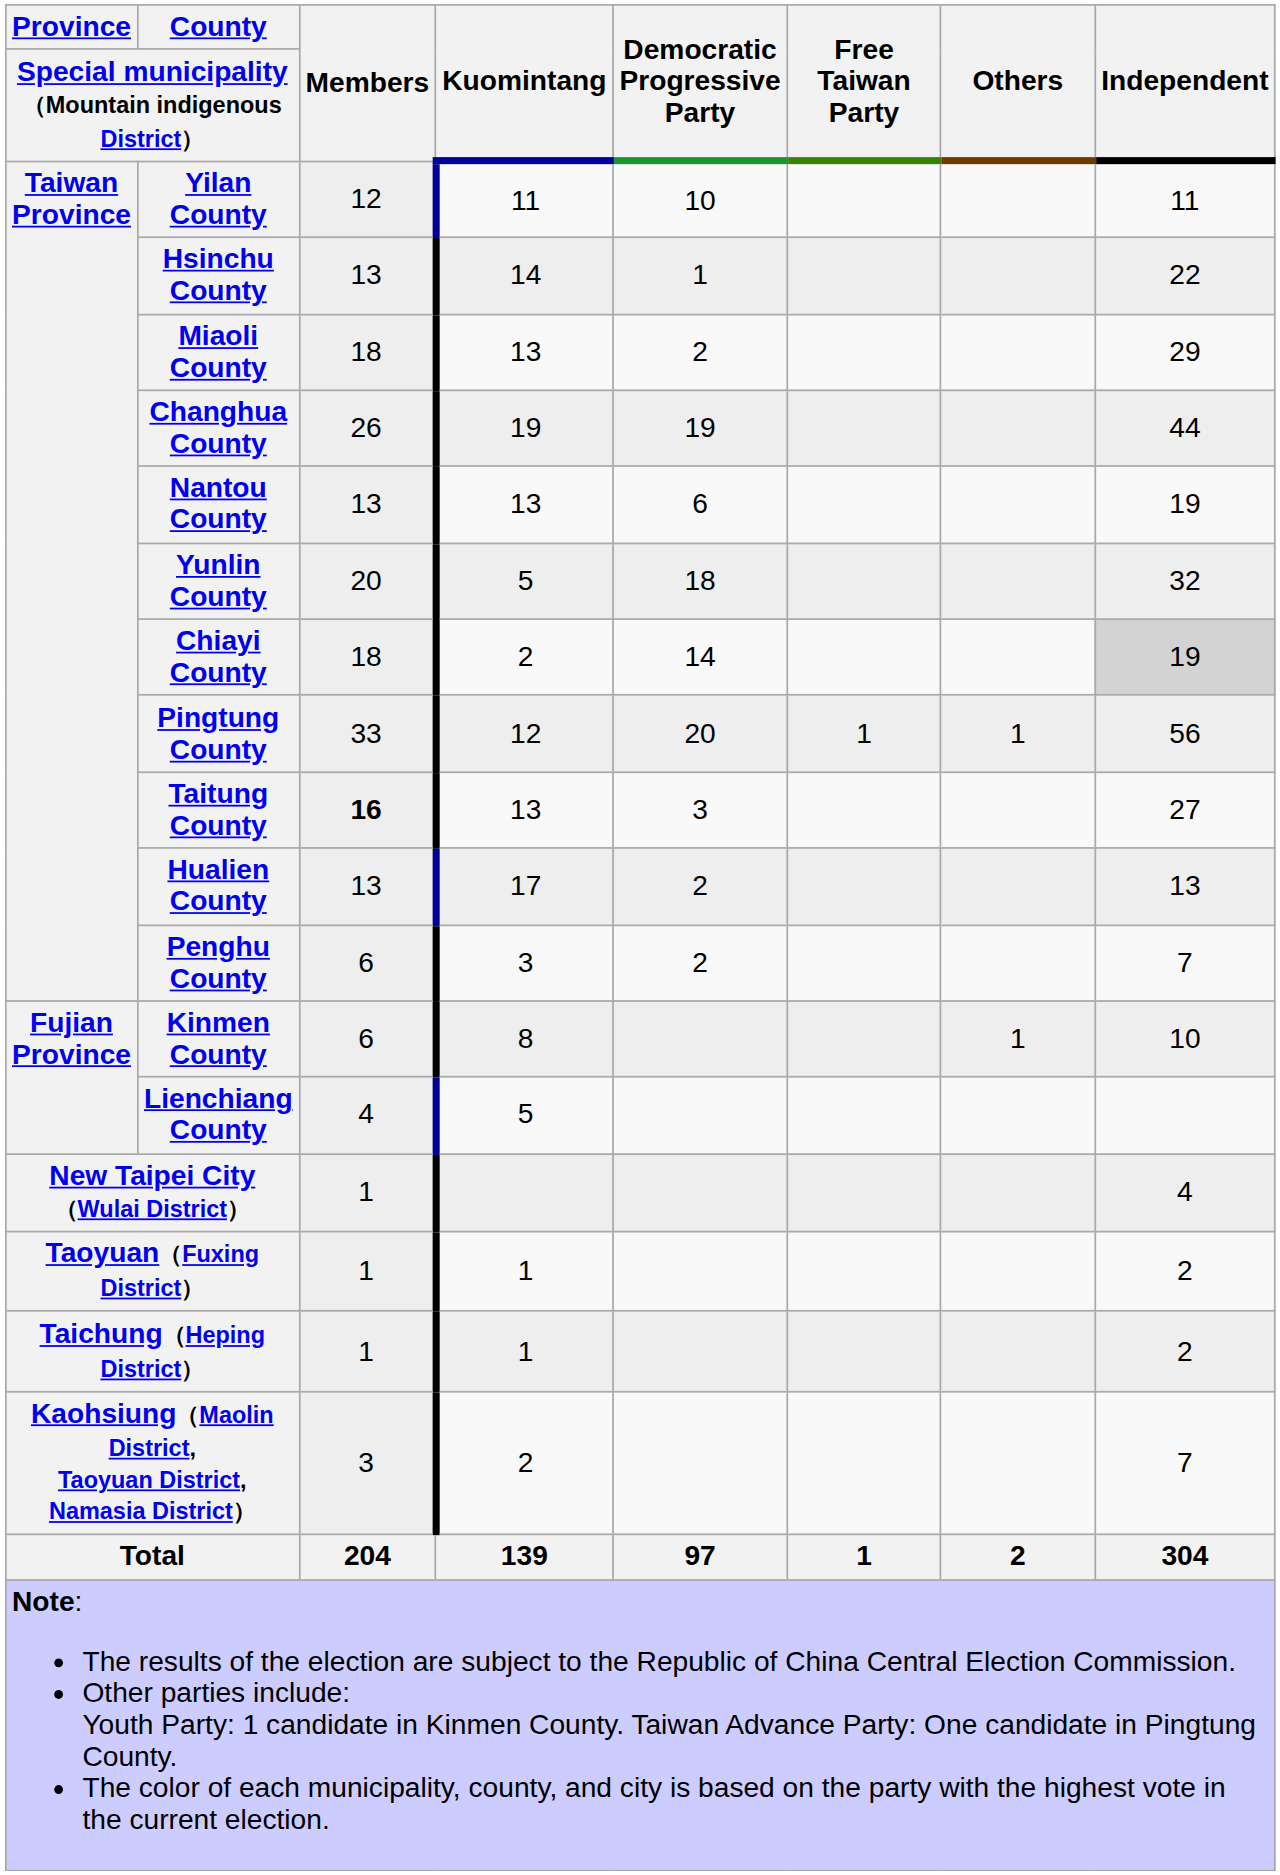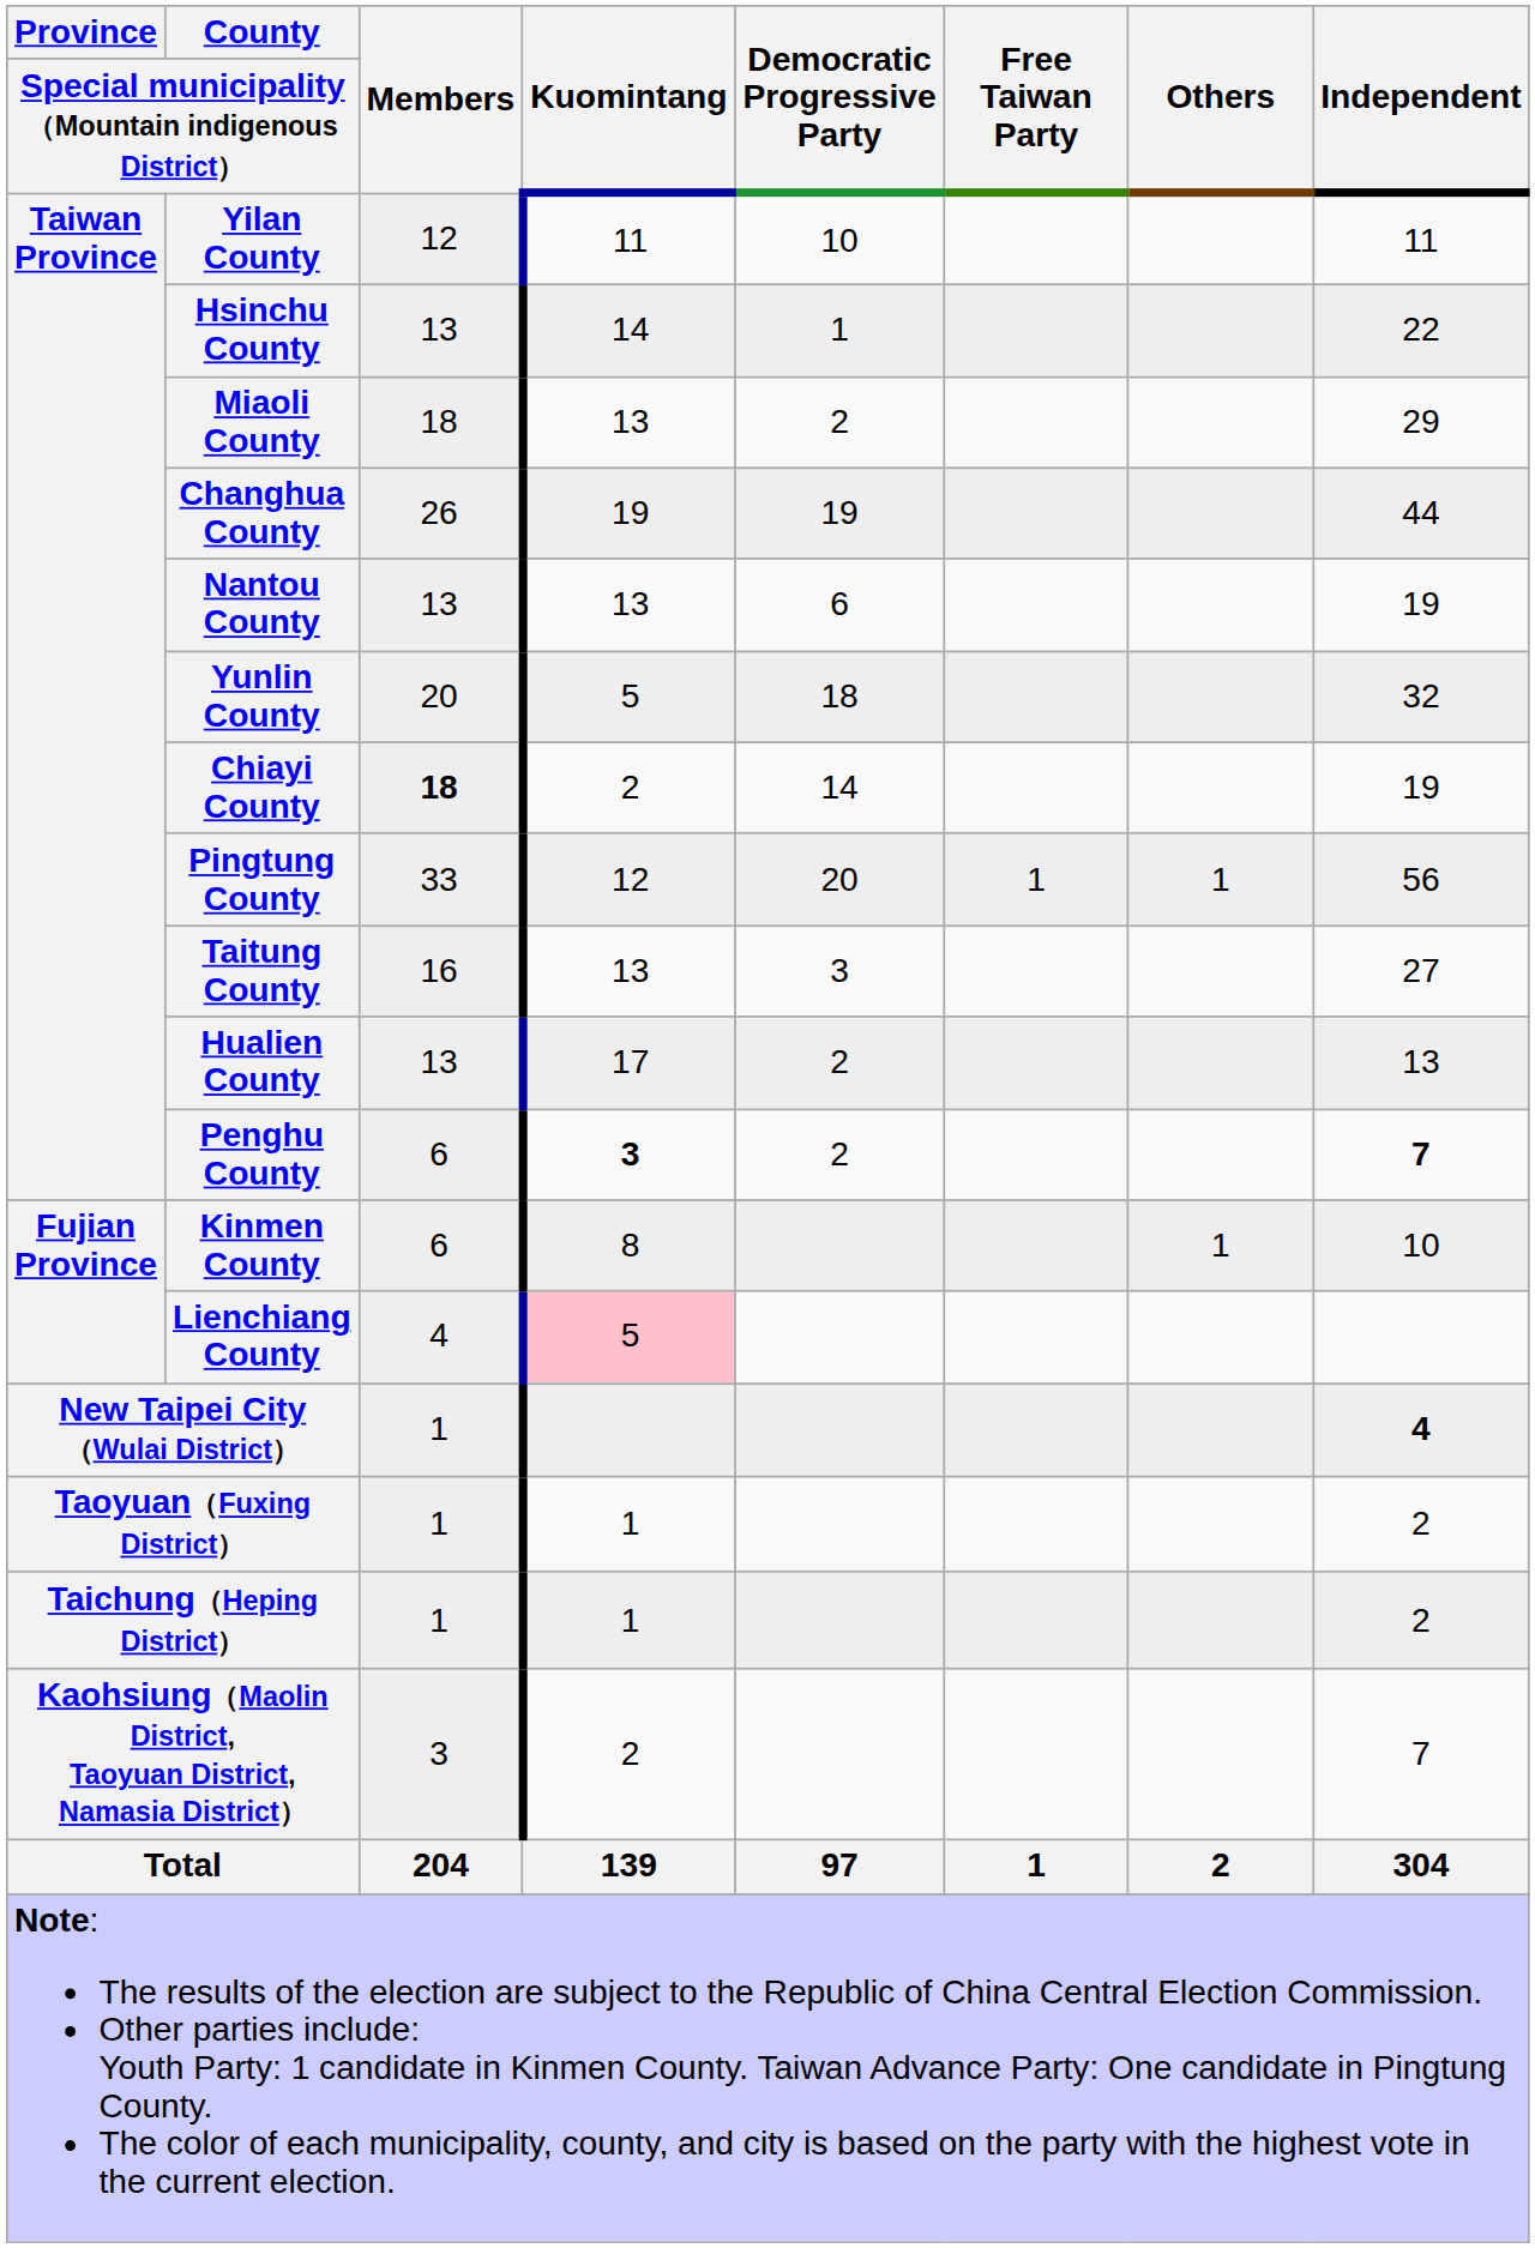 <table class="wikitable collapsible" style="text-align:center; margin:auto">
 <tr>
 <th style="width:60px;"><a href='#'>Province</a></th>
 <th style="width:60px;"><a href='#'>County</a></th>
 <th rowspan=2 style="width:50px;">Members</th>
 <th rowspan=2 style="width:80px; border-bottom:4px solid #000099;">Kuomintang</th>
 <th rowspan=2 style="width:80px; border-bottom:4px solid #1B9431;">Democratic Progressive Party</th>
 <th rowspan=2 style="width:80px; border-bottom:4px solid #368306;">Free Taiwan Party</th>
 <th rowspan=2 style="width:80px; border-bottom:4px solid #6d3b00;">Others</th>
 <th rowspan=2 style="width:80px; border-bottom:4px solid #000000;">Independent</th>
 </tr>
 <tr>
 <th colspan=2><a href='#'>Special municipality</a><br><small>（Mountain indigenous <a href='#'>District</a>）</small></th>
 </tr>
 <tr>
 <th rowspan=11 valign=top><a href='#'>Taiwan Province</a></th>
 <th><a href='#'>Yilan County</a></th>
 <td bgcolor=#EEEEEE style="border-right:4px solid #000099;">12</td>
 <td>11</td>
 <td>10</td>
 <td></td>
 <td></td>
 <td>11</td>
 </tr>
 <tr bgcolor="#EEEEEE">
 <th><a href='#'>Hsinchu County</a></th>
 <td bgcolor=#EEEEEE style="border-right:4px solid #000000;">13</td>
 <td>14</td>
 <td>1</td>
 <td></td>
 <td></td>
 <td>22</td>
 </tr>
 <tr>
 <th><a href='#'>Miaoli County</a></th>
 <td bgcolor=#EEEEEE style="border-right:4px solid #000000;">18</td>
 <td>13</td>
 <td>2</td>
 <td></td>
 <td></td>
 <td>29</td>
 </tr>
 <tr bgcolor="#EEEEEE">
 <th><a href='#'>Changhua County</a></th>
 <td bgcolor=#EEEEEE style="border-right:4px solid #000000;">26</td>
 <td>19</td>
 <td>19</td>
 <td></td>
 <td></td>
 <td>44</td>
 </tr>
 <tr>
 <th><a href='#'>Nantou County</a></th>
 <td bgcolor=#EEEEEE style="border-right:4px solid #000000;">13</td>
 <td>13</td>
 <td>6</td>
 <td></td>
 <td></td>
 <td>19</td>
 </tr>
 <tr bgcolor="#EEEEEE">
 <th><a href='#'>Yunlin County</a></th>
 <td bgcolor=#EEEEEE style="border-right:4px solid #000000;">20</td>
 <td>5</td>
 <td>18</td>
 <td></td>
 <td></td>
 <td>32</td>
 </tr>
 <tr>
 <th><a href='#'>Chiayi County</a></th>
-<td bgcolor=#EEEEEE style="border-right:4px solid #000000;">18</td>
+<td bgcolor=#EEEEEE style="border-right:4px solid #000000;"><strong>18</strong></td>
 <td>2</td>
 <td>14</td>
 <td></td>
 <td></td>
-<td style="background: lightgrey;">19</td>
+<td>19</td>
 </tr>
 <tr bgcolor="#EEEEEE">
 <th><a href='#'>Pingtung County</a></th>
 <td bgcolor=#EEEEEE style="border-right:4px solid #000000;">33</td>
 <td>12</td>
 <td>20</td>
 <td>1</td>
 <td>1</td>
 <td>56</td>
 </tr>
 <tr>
 <th><a href='#'>Taitung County</a></th>
-<td bgcolor=#EEEEEE style="border-right:4px solid #000000;"><strong>16</strong></td>
+<td bgcolor=#EEEEEE style="border-right:4px solid #000000;">16</td>
 <td>13</td>
 <td>3</td>
 <td></td>
 <td></td>
 <td>27</td>
 </tr>
 <tr bgcolor="#EEEEEE">
 <th><a href='#'>Hualien County</a></th>
 <td bgcolor=#EEEEEE style="border-right:4px solid #000099;">13</td>
 <td>17</td>
 <td>2</td>
 <td></td>
 <td></td>
 <td>13</td>
 </tr>
 <tr>
 <th><a href='#'>Penghu County</a></th>
 <td bgcolor=#EEEEEE style="border-right:4px solid #000000;">6</td>
-<td>3</td>
+<td><strong>3</strong></td>
 <td>2</td>
 <td></td>
 <td></td>
-<td>7</td>
+<td><strong>7</strong></td>
 </tr>
 <tr bgcolor="#EEEEEE">
 <th rowspan=2 valign=top><a href='#'>Fujian Province</a></th>
 <th><a href='#'>Kinmen County</a></th>
 <td bgcolor=#EEEEEE style="border-right:4px solid #000000;">6</td>
 <td>8</td>
 <td></td>
 <td></td>
 <td>1</td>
 <td>10</td>
 </tr>
 <tr>
 <th><a href='#'>Lienchiang County</a></th>
 <td bgcolor=#EEEEEE style="border-right:4px solid #000099;">4</td>
-<td>5</td>
+<td style="background: pink;">5</td>
 <td></td>
 <td></td>
 <td></td>
 <td></td>
 </tr>
 <tr bgcolor="#EEEEEE">
 <th colspan=2><a href='#'>New Taipei City</a><small>（<a href='#'>Wulai District</a>）</small></th>
 <td bgcolor=#EEEEEE style="border-right:4px solid #000000;">1</td>
 <td></td>
 <td></td>
 <td></td>
 <td></td>
-<td>4</td>
+<td><strong>4</strong></td>
 </tr>
 <tr>
 <th colspan=2><a href='#'>Taoyuan</a><small>（<a href='#'>Fuxing District</a>）</small></th>
 <td bgcolor=#EEEEEE style="border-right:4px solid #000000;">1</td>
 <td>1</td>
 <td></td>
 <td></td>
 <td></td>
 <td>2</td>
 </tr>
 <tr bgcolor="#EEEEEE">
 <th colspan=2><a href='#'>Taichung</a><small>（<a href='#'>Heping District</a>）</small></th>
 <td bgcolor=#EEEEEE style="border-right:4px solid #000000;">1</td>
 <td>1</td>
 <td></td>
 <td></td>
 <td></td>
 <td>2</td>
 </tr>
 <tr>
 <th colspan=2><a href='#'>Kaohsiung</a><small>（<a href='#'>Maolin District</a>,<br><a href='#'>Taoyuan District</a>, <a href='#'>Namasia District</a>）</small></th>
 <td bgcolor=#EEEEEE style="border-right:4px solid #000000;">3</td>
 <td>2</td>
 <td></td>
 <td></td>
 <td></td>
 <td>7</td>
 </tr>
 <tr>
 <th colspan=2>Total</th>
 <th>204</th>
 <th>139</th>
 <th>97</th>
 <th>1</th>
 <th>2</th>
 <th>304</th>
 </tr>
 <tr>
 <td colspan=9 bgcolor=#CCCCFF align=left><strong>Note</strong>:<br><ul><li>The results of the election are subject to the Republic of China Central Election Commission.</li><li>Other parties include: <br>Youth Party: 1 candidate in Kinmen County. Taiwan Advance Party: One candidate in Pingtung County.</li><li>The color of each municipality, county, and city is based on the party with the highest vote in the current election.</li></ul></td>
 </tr>
 </table>
